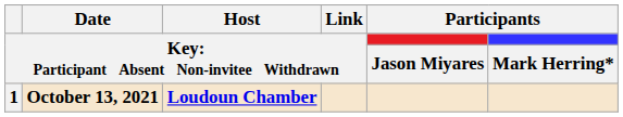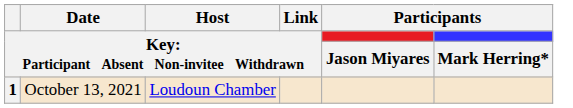 <table class="wikitable" style="text-align:center;">
 <tr>
 <th scope="col"></th>
 <th scope="col">Date</th>
 <th scope="col">Host</th>
 <th scope="col">Link</th>
 <th scope="col" colspan="7">Participants</th>
 </tr>
 <tr>
 <th colspan="4" rowspan="2">Key:<br> <small>Participant  </small> <small>Absent  </small> <small>Non-invitee  </small> <small>Withdrawn</small></th>
 <th scope="col" style="background:#E81B23;"></th>
 <th scope="col" style="background:#33f;"></th>
 </tr>
 <tr>
 <th scope="col">Jason Miyares</th>
 <th scope="col">Mark Herring*</th>
 </tr>
 <tr style="background:#f7e7ce;">
 <th scope="row">1</th>
-<td style="white-space:nowrap;"><strong>October 13, 2021</strong></td>
-<td style="white-space:nowrap;"><strong><a href='#'>Loudoun Chamber</a></strong></td>
+<td style="white-space:nowrap;">October 13, 2021</td>
+<td style="white-space:nowrap;"><a href='#'>Loudoun Chamber</a></td>
 <td style="white-space:nowrap;"></td>
 <td></td>
 <td></td>
 </tr>
 </table>
